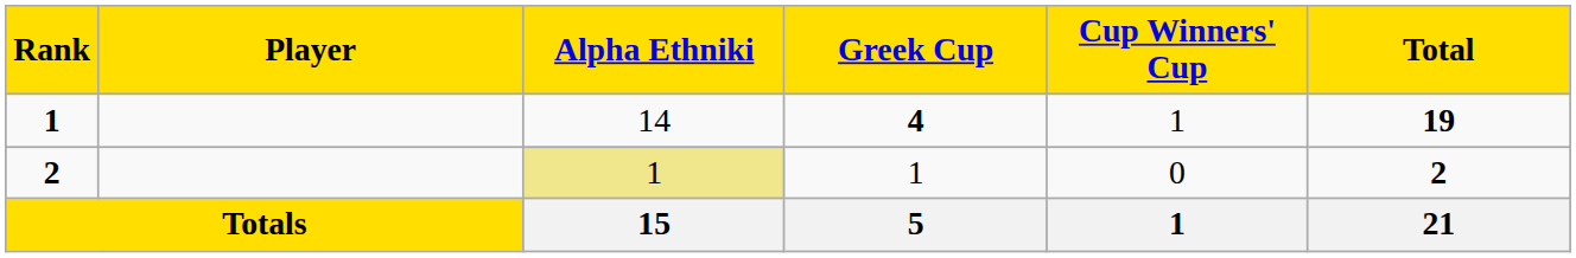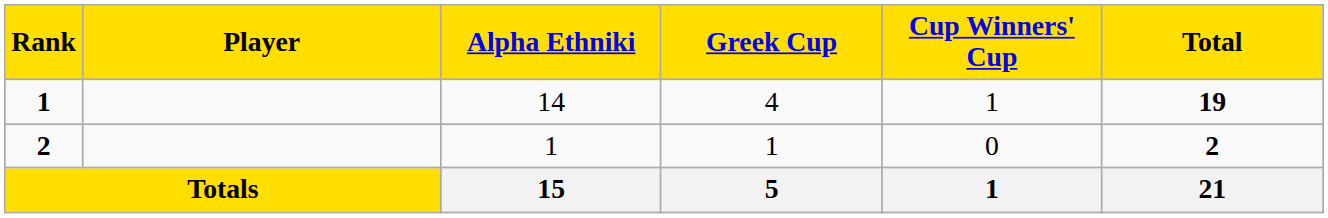 <table class="wikitable sortable" style="text-align:center">
 <tr>
 <th style="background:#FFDE00">Rank</th>
 <th width=200 style="background:#FFDE00">Player</th>
 <th width=120 style="background:#FFDE00"><a href='#'>Alpha Ethniki</a></th>
 <th width=120 style="background:#FFDE00"><a href='#'>Greek Cup</a></th>
 <th width=120 style="background:#FFDE00"><a href='#'>Cup Winners' Cup</a></th>
 <th width=120 style="background:#FFDE00">Total</th>
 </tr>
 <tr>
 <td><strong>1</strong></td>
 <td align=left></td>
 <td>14</td>
-<td><strong>4</strong></td>
+<td>4</td>
 <td>1</td>
 <td><strong>19</strong></td>
 </tr>
 <tr>
 <td><strong>2</strong></td>
 <td align=left></td>
-<td style="background: khaki;">1</td>
+<td>1</td>
 <td>1</td>
 <td>0</td>
 <td><strong>2</strong></td>
 </tr>
 <tr class="sortbottom">
 <th colspan=2 style="background:#FFDE00"><strong>Totals</strong></th>
 <th><strong>15</strong></th>
 <th><strong> 5</strong></th>
 <th><strong> 1</strong></th>
 <th><strong>21</strong></th>
 </tr>
 </table>
